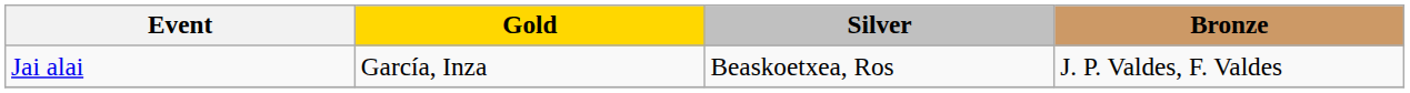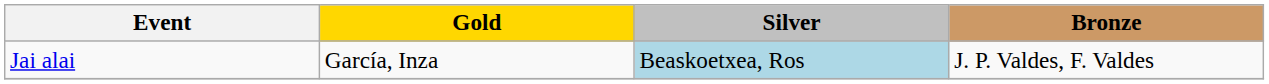 <table class="wikitable" style="max-width: 23cm; width: 100%">
 <tr>
 <th scope="col">Event</th>
 <th scope="col" style="background-color:gold; width:25%">Gold</th>
 <th scope="col" style="background-color:silver; width:25%; width:25%">Silver</th>
 <th scope="col" style="background-color:#cc9966; width:25%">Bronze</th>
 </tr>
 <tr>
 <td><a href='#'>Jai alai</a></td>
 <td> García, Inza</td>
-<td> Beaskoetxea, Ros</td>
+<td style="background: lightblue;"> Beaskoetxea, Ros</td>
 <td> J. P. Valdes, F. Valdes</td>
 </tr>
 <tr>
 </tr>
 </table>
